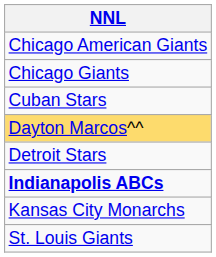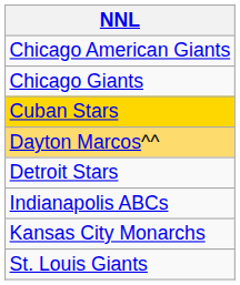 <table class="wikitable" style="font-size:100%;line-height:1.1;">
 <tr>
 <th><a href='#'>NNL</a></th>
 </tr>
 <tr>
 <td><a href='#'>Chicago American Giants</a></td>
 </tr>
 <tr>
 <td><a href='#'>Chicago Giants</a></td>
 </tr>
 <tr>
-<td><a href='#'>Cuban Stars</a></td>
+<td style="background: gold;"><a href='#'>Cuban Stars</a></td>
 </tr>
 <tr>
 <td style="background-color: #FDDB6D;"><a href='#'>Dayton Marcos</a>^^</td>
 </tr>
 <tr>
 <td><a href='#'>Detroit Stars</a></td>
 </tr>
 <tr>
-<td><strong><a href='#'>Indianapolis ABCs</a></strong></td>
+<td><a href='#'>Indianapolis ABCs</a></td>
 </tr>
 <tr>
 <td><a href='#'>Kansas City Monarchs</a></td>
 </tr>
 <tr>
 <td><a href='#'>St. Louis Giants</a></td>
 </tr>
 </table>
